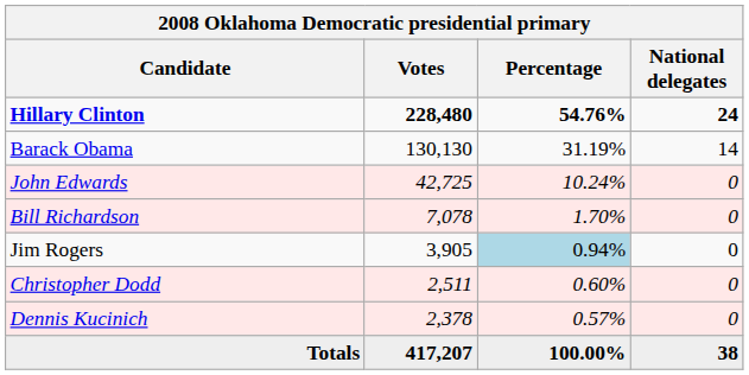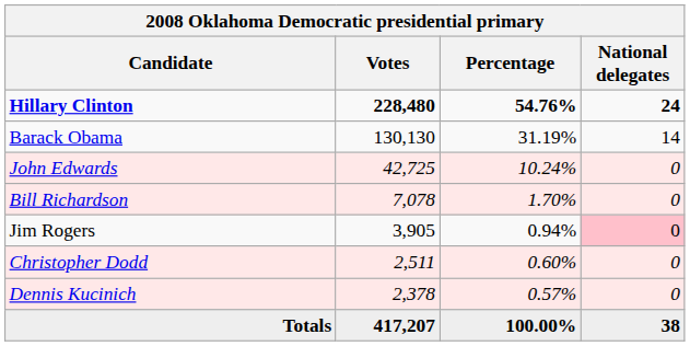 <table class="wikitable" style="font-size: 95%; text-align:right;">
 <tr>
 <th colspan="4">2008 Oklahoma Democratic presidential primary</th>
 </tr>
 <tr>
 <th style="width: 17em">Candidate</th>
 <th style="width: 5em">Votes</th>
 <th style="width: 7em">Percentage</th>
 <th style="width: 5em">National delegates</th>
 </tr>
 <tr>
 <td align="left"><strong><a href='#'>Hillary Clinton</a></strong></td>
 <td><strong>228,480</strong></td>
 <td><strong>54.76%</strong></td>
 <td><strong>24</strong></td>
 </tr>
 <tr>
 <td align="left"><a href='#'>Barack Obama</a></td>
 <td>130,130</td>
 <td>31.19%</td>
 <td>14</td>
 </tr>
 <tr bgcolor=#FFE8E8>
 <td align="left"><em><a href='#'>John Edwards</a></em></td>
 <td><em>42,725</em></td>
 <td><em>10.24%</em></td>
 <td><em>0</em></td>
 </tr>
 <tr bgcolor=#FFE8E8>
 <td align="left"><em><a href='#'>Bill Richardson</a></em></td>
 <td><em>7,078</em></td>
 <td><em>1.70%</em></td>
 <td><em>0</em></td>
 </tr>
 <tr>
 <td align="left">Jim Rogers</td>
 <td>3,905</td>
-<td style="background: lightblue;">0.94%</td>
-<td>0</td>
+<td>0.94%</td>
+<td style="background: pink;">0</td>
 </tr>
 <tr bgcolor=#FFE8E8>
 <td align="left"><em><a href='#'>Christopher Dodd</a></em></td>
 <td><em>2,511</em></td>
 <td><em>0.60%</em></td>
 <td><em>0</em></td>
 </tr>
 <tr bgcolor=#FFE8E8>
 <td align="left"><em><a href='#'>Dennis Kucinich</a></em></td>
 <td><em>2,378</em></td>
 <td><em>0.57%</em></td>
 <td><em>0</em></td>
 </tr>
 <tr bgcolor="#EEEEEE" style="margin-right:0.5em">
 <td><strong>Totals</strong></td>
 <td><strong>417,207</strong></td>
 <td><strong>100.00%</strong></td>
 <td><strong>38</strong></td>
 </tr>
 </table>
